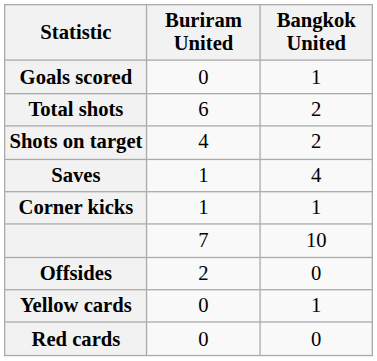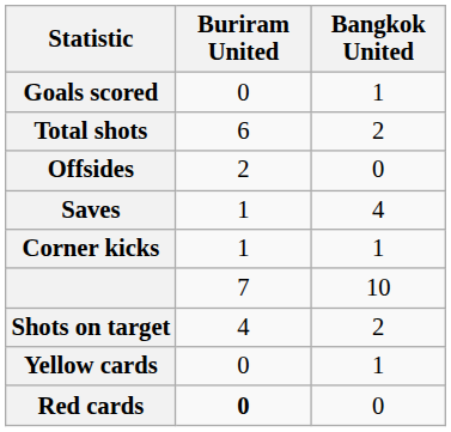 <table class="wikitable plainrowheaders" style="text-align:center">
 <tr>
 <th scope="col">Statistic</th>
 <th scope="col" style="width:80px">Buriram United</th>
 <th scope="col" style="width:80px">Bangkok United</th>
 </tr>
 <tr>
 <th scope=row>Goals scored</th>
 <td>0</td>
 <td>1</td>
 </tr>
 <tr>
 <th scope=row>Total shots</th>
 <td>6</td>
 <td>2</td>
 </tr>
 <tr>
-<th scope=row>Shots on target</th>
-<td>4</td>
+<th scope=row>Offsides</th>
 <td>2</td>
+<td>0</td>
 </tr>
 <tr>
 <th scope=row>Saves</th>
 <td>1</td>
 <td>4</td>
 </tr>
 <tr>
 <th scope=row>Corner kicks</th>
 <td>1</td>
 <td>1</td>
 </tr>
 <tr>
 <th scope=row></th>
 <td>7</td>
 <td>10</td>
 </tr>
 <tr>
-<th scope=row>Offsides</th>
+<th scope=row>Shots on target</th>
+<td>4</td>
 <td>2</td>
-<td>0</td>
 </tr>
 <tr>
 <th scope=row>Yellow cards</th>
 <td>0</td>
 <td>1</td>
 </tr>
 <tr>
 <th scope=row>Red cards</th>
-<td>0</td>
+<td><strong>0</strong></td>
 <td>0</td>
 </tr>
 </table>
